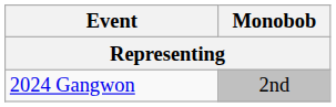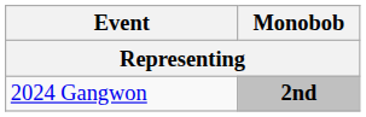 <table class="wikitable" style="text-align:center">
 <tr>
 <th style="width:160px">Event</th>
 <th style="width:80px">Monobob</th>
 </tr>
 <tr>
 <th colspan=3>Representing </th>
 </tr>
 <tr>
 <td style="text-align:left"> <a href='#'>2024 Gangwon</a></td>
-<td style="background:silver">2nd</td>
+<td style="background:silver"><strong>2nd</strong></td>
 </tr>
 </table>
